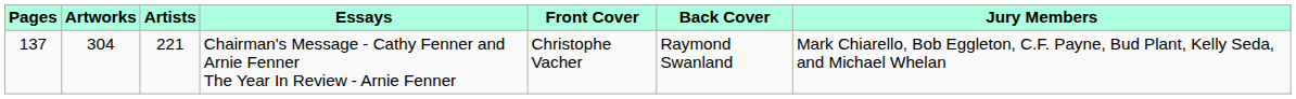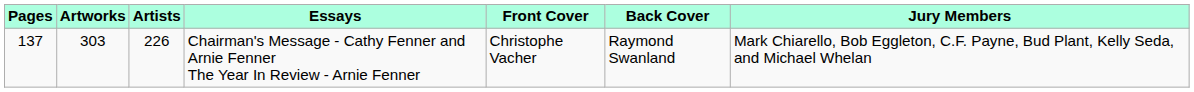 <table class="wikitable">
 <tr>
 <th style="background:#acffdf">Pages</th>
 <th style="background:#acffdf">Artworks</th>
 <th style="background:#acffdf">Artists</th>
 <th style="background:#acffdf">Essays</th>
 <th style="background:#acffdf">Front Cover</th>
 <th style="background:#acffdf">Back Cover</th>
 <th style="background:#acffdf">Jury Members</th>
 </tr>
 <tr valign="top">
 <td align="center">137</td>
-<td align="center">304</td>
-<td align="center">221</td>
+<td align="center">303</td>
+<td align="center">226</td>
 <td>Chairman's Message - Cathy Fenner and Arnie Fenner<br>The Year In Review - Arnie Fenner</td>
 <td>Christophe Vacher</td>
 <td>Raymond Swanland</td>
 <td>Mark Chiarello, Bob Eggleton, C.F. Payne, Bud Plant, Kelly Seda, and Michael Whelan</td>
 </tr>
 </table>
